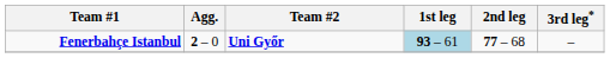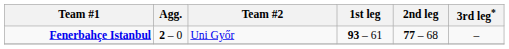 <table class=wikitable style="text-align:center">
 <tr>
 <th width=200>Team #1</th>
 <th width=40>Agg.</th>
 <th width=200>Team #2</th>
 <th width=70>1st leg</th>
 <th width=70>2nd leg</th>
 <th width=70>3rd leg<sup>*</sup></th>
 </tr>
 <tr>
 <td align=right><strong><a href='#'>Fenerbahçe Istanbul</a></strong> </td>
 <td><strong>2</strong> – 0</td>
-<td align=left><strong> <a href='#'>Uni Győr</a></strong></td>
-<td style="background: lightblue;"><strong>93</strong> – 61</td>
+<td align=left> <a href='#'>Uni Győr</a></td>
+<td><strong>93</strong> – 61</td>
 <td><strong>77</strong> – 68</td>
 <td>–</td>
 </tr>
 <tr>
 </tr>
 </table>
